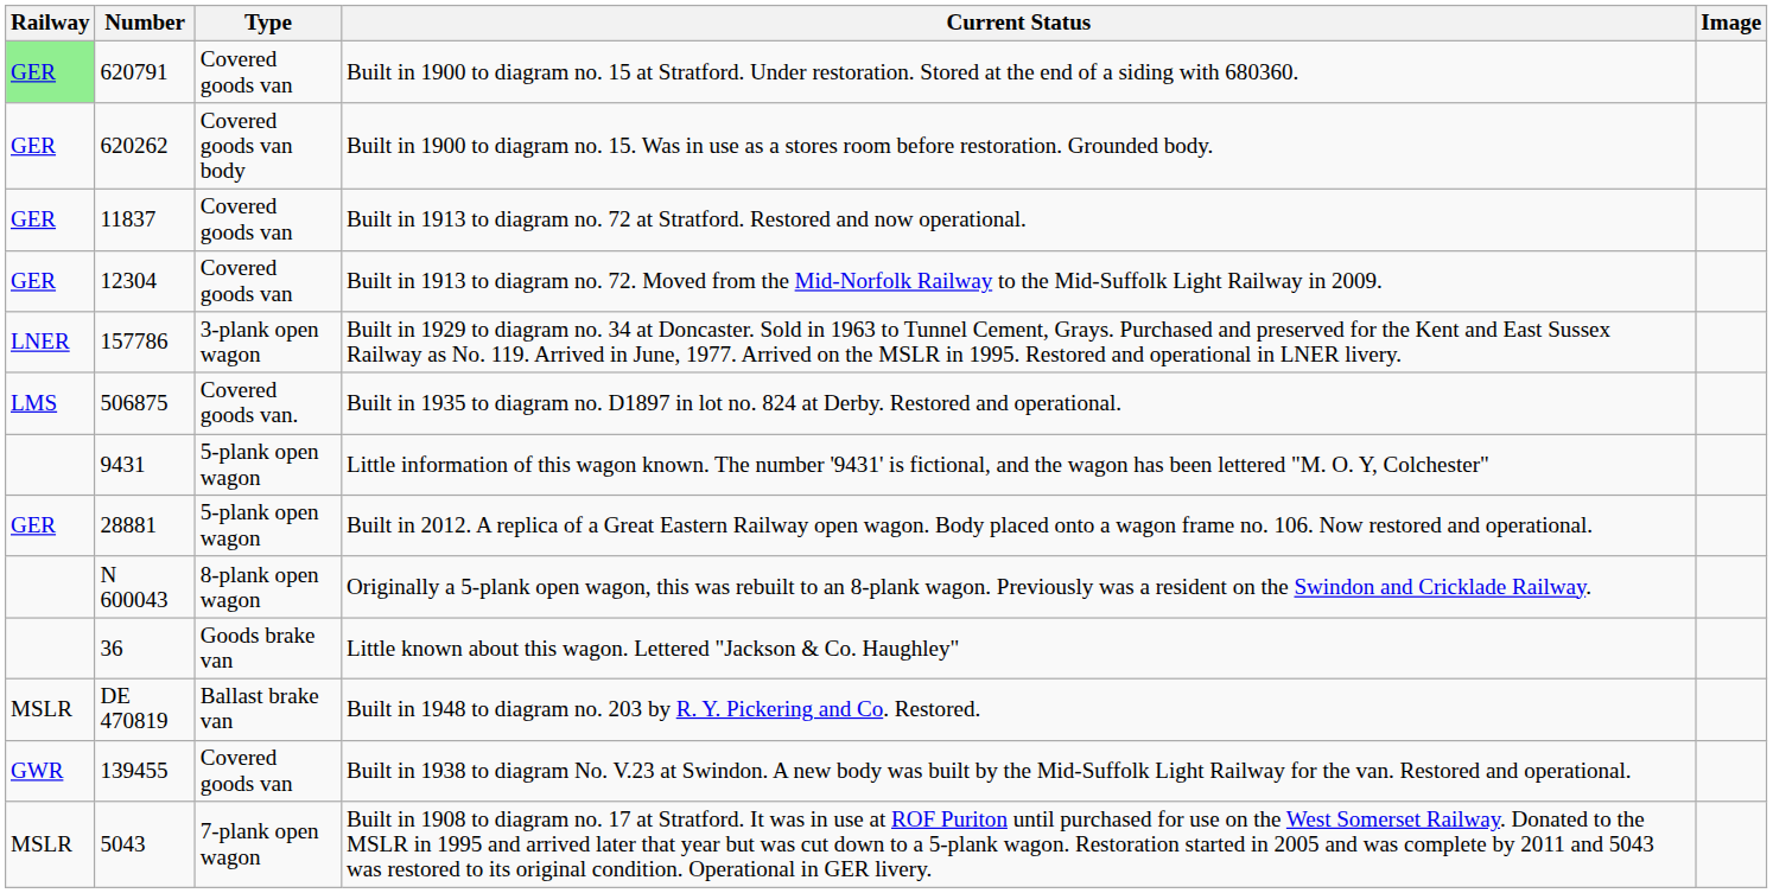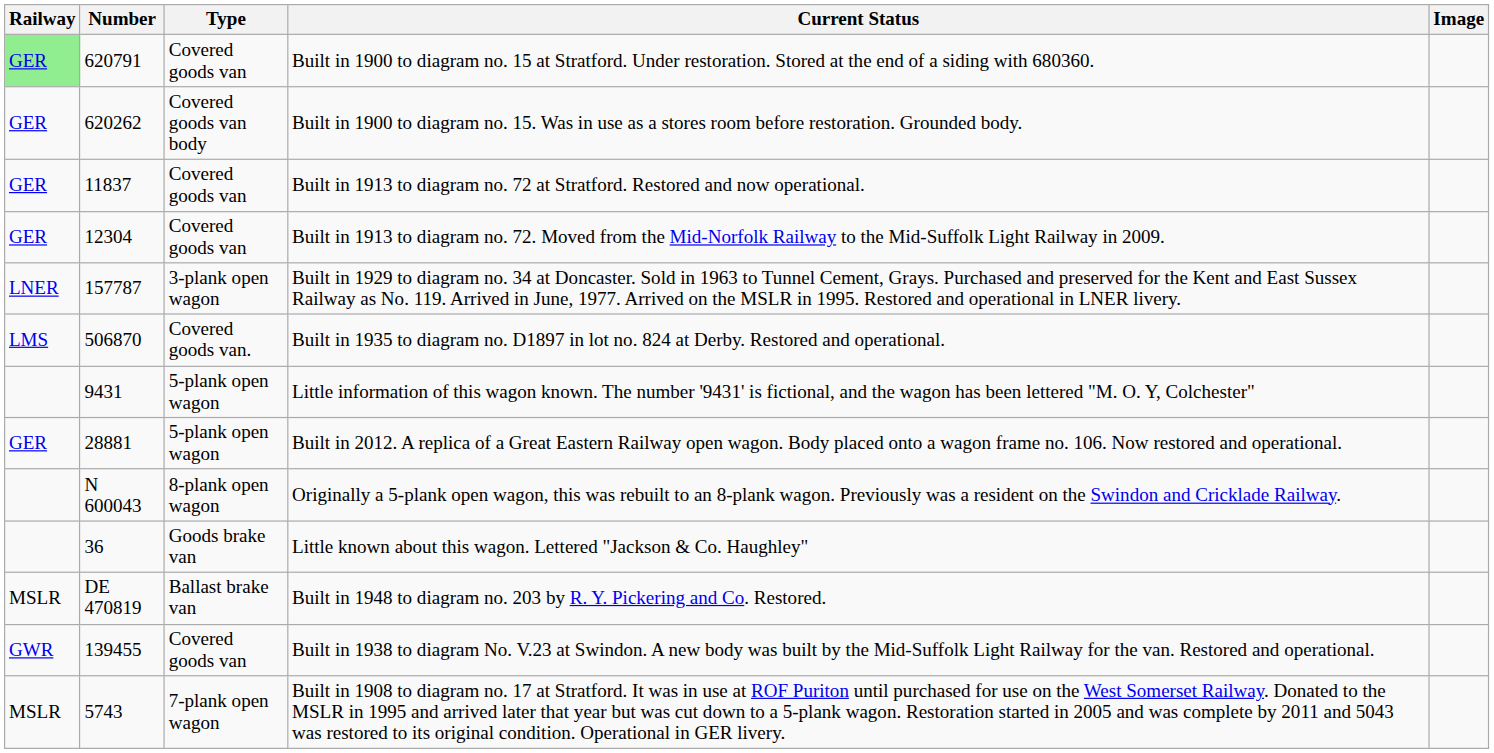 <table class="wikitable">
 <tr>
 <th>Railway</th>
 <th>Number</th>
 <th>Type</th>
 <th>Current Status</th>
 <th>Image</th>
 </tr>
 <tr>
 <td style="background: lightgreen;"><a href='#'>GER</a></td>
 <td>620791</td>
 <td>Covered goods van</td>
 <td>Built in 1900 to diagram no. 15 at Stratford. Under restoration. Stored at the end of a siding with 680360.</td>
 <td></td>
 </tr>
 <tr>
 <td><a href='#'>GER</a></td>
 <td>620262</td>
 <td>Covered goods van body</td>
 <td>Built in 1900 to diagram no. 15. Was in use as a stores room before restoration. Grounded body.</td>
 <td></td>
 </tr>
 <tr>
 <td><a href='#'>GER</a></td>
 <td>11837</td>
 <td>Covered goods van</td>
 <td>Built in 1913 to diagram no. 72 at Stratford. Restored and now operational.</td>
 <td></td>
 </tr>
 <tr>
 <td><a href='#'>GER</a></td>
 <td>12304</td>
 <td>Covered goods van</td>
 <td>Built in 1913 to diagram no. 72. Moved from the <a href='#'>Mid-Norfolk Railway</a> to the Mid-Suffolk Light Railway in 2009.</td>
 <td></td>
 </tr>
 <tr>
 <td><a href='#'>LNER</a></td>
-<td>157786</td>
+<td>157787</td>
 <td>3-plank open wagon</td>
 <td>Built in 1929 to diagram no. 34 at Doncaster. Sold in 1963 to Tunnel Cement, Grays. Purchased and preserved for the Kent and East Sussex Railway as No. 119. Arrived in June, 1977. Arrived on the MSLR in 1995. Restored and operational in LNER livery.</td>
 <td></td>
 </tr>
 <tr>
 <td><a href='#'>LMS</a></td>
-<td>506875</td>
+<td>506870</td>
 <td>Covered goods van.</td>
 <td>Built in 1935 to diagram no. D1897 in lot no. 824 at Derby. Restored and operational.</td>
 <td></td>
 </tr>
 <tr>
 <td></td>
 <td>9431</td>
 <td>5-plank open wagon</td>
 <td>Little information of this wagon known. The number '9431' is fictional, and the wagon has been lettered "M. O. Y, Colchester"</td>
 <td></td>
 </tr>
 <tr>
 <td><a href='#'>GER</a></td>
 <td>28881</td>
 <td>5-plank open wagon</td>
 <td>Built in 2012. A replica of a Great Eastern Railway open wagon. Body placed onto a wagon frame no. 106. Now restored and operational.</td>
 <td></td>
 </tr>
 <tr>
 <td></td>
 <td>N 600043</td>
 <td>8-plank open wagon</td>
 <td>Originally a 5-plank open wagon, this was rebuilt to an 8-plank wagon. Previously was a resident on the <a href='#'>Swindon and Cricklade Railway</a>.</td>
 <td></td>
 </tr>
 <tr>
 <td></td>
 <td>36</td>
 <td>Goods brake van</td>
 <td>Little known about this wagon. Lettered "Jackson & Co. Haughley"</td>
 <td></td>
 </tr>
 <tr>
 <td>MSLR</td>
 <td>DE 470819</td>
 <td>Ballast brake van</td>
 <td>Built in 1948 to diagram no. 203 by <a href='#'>R. Y. Pickering and Co</a>. Restored.</td>
 <td></td>
 </tr>
 <tr>
 <td><a href='#'>GWR</a></td>
 <td>139455</td>
 <td>Covered goods van</td>
 <td>Built in 1938 to diagram No. V.23 at Swindon. A new body was built by the Mid-Suffolk Light Railway for the van. Restored and operational.</td>
 <td></td>
 </tr>
 <tr>
 <td>MSLR</td>
-<td>5043</td>
+<td>5743</td>
 <td>7-plank open wagon</td>
 <td>Built in 1908 to diagram no. 17 at Stratford. It was in use at <a href='#'>ROF Puriton</a> until purchased for use on the <a href='#'>West Somerset Railway</a>. Donated to the MSLR in 1995 and arrived later that year but was cut down to a 5-plank wagon. Restoration started in 2005 and was complete by 2011 and 5043 was restored to its original condition. Operational in GER livery.</td>
 <td></td>
 </tr>
 </table>
